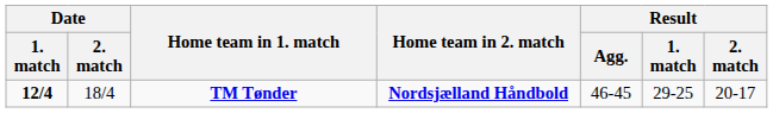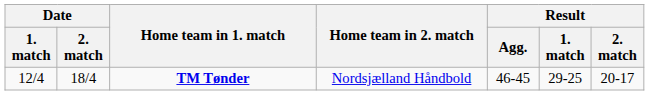 <table class="wikitable" style="text-align:center; margin-left:1em;">
 <tr>
 <th colspan="2">Date</th>
 <th rowspan="2" style="width:220px;">Home team in 1. match</th>
 <th rowspan="2" style="width:180px;">Home team in 2. match</th>
 <th colspan="3">Result</th>
 </tr>
 <tr>
 <th style="width:50px;">1. match</th>
 <th style="width:50px;">2. match</th>
 <th style="width:50px;">Agg.</th>
 <th style="width:50px;">1. match</th>
 <th style="width:50px;">2. match</th>
 </tr>
 <tr>
-<td><strong>12/4</strong></td>
+<td>12/4</td>
 <td>18/4</td>
 <td><strong><a href='#'>TM Tønder</a></strong></td>
-<td><strong><a href='#'>Nordsjælland Håndbold</a></strong></td>
+<td><a href='#'>Nordsjælland Håndbold</a></td>
 <td>46-45</td>
 <td>29-25</td>
 <td>20-17</td>
 </tr>
 </table>
